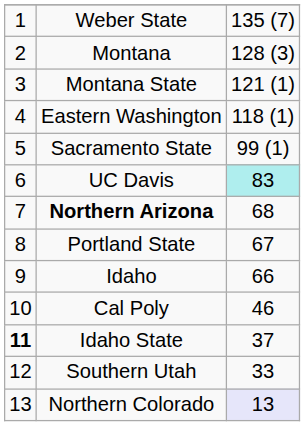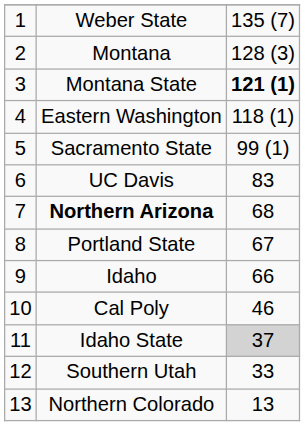 <table class="wikitable" style="display: inline-table;">
 <tr align="center">
 </tr>
 <tr align="center">
 <td>1</td>
 <td>Weber State</td>
 <td>135 (7)</td>
 </tr>
 <tr align="center">
 <td>2</td>
 <td>Montana</td>
 <td>128 (3)</td>
 </tr>
 <tr align="center">
 <td>3</td>
 <td>Montana State</td>
-<td>121 (1)</td>
+<td><strong>121 (1)</strong></td>
 </tr>
 <tr align="center">
 <td>4</td>
 <td>Eastern Washington</td>
 <td>118 (1)</td>
 </tr>
 <tr align="center">
 <td>5</td>
 <td>Sacramento State</td>
 <td>99 (1)</td>
 </tr>
 <tr align="center">
 <td>6</td>
 <td>UC Davis</td>
-<td style="background: paleturquoise;">83</td>
+<td>83</td>
 </tr>
 <tr align="center">
 <td>7</td>
 <td><strong>Northern Arizona</strong></td>
 <td>68</td>
 </tr>
 <tr align="center">
 <td>8</td>
 <td>Portland State</td>
 <td>67</td>
 </tr>
 <tr align="center">
 <td>9</td>
 <td>Idaho</td>
 <td>66</td>
 </tr>
 <tr align="center">
 <td>10</td>
 <td>Cal Poly</td>
 <td>46</td>
 </tr>
 <tr align="center">
-<td><strong>11</strong></td>
+<td>11</td>
 <td>Idaho State</td>
-<td>37</td>
+<td style="background: lightgrey;">37</td>
 </tr>
 <tr align="center">
 <td>12</td>
 <td>Southern Utah</td>
 <td>33</td>
 </tr>
 <tr align="center">
 <td>13</td>
 <td>Northern Colorado</td>
-<td style="background: lavender;">13</td>
+<td>13</td>
 </tr>
 </table>
